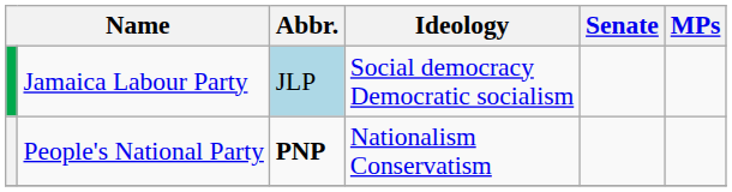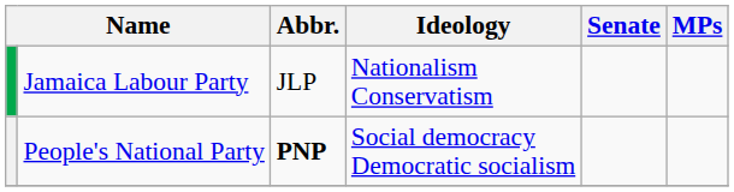 <table class="wikitable">
 <tr>
 <th colspan=2>Name</th>
 <th>Abbr.</th>
 <th>Ideology</th>
 <th><a href='#'>Senate</a></th>
 <th><a href='#'>MPs</a></th>
 </tr>
 <tr>
 <th style="background-color: #00A94C"></th>
 <td><a href='#'>Jamaica Labour Party</a></td>
-<td style="background: lightblue;">JLP</td>
-<td><a href='#'>Social democracy</a><br><a href='#'>Democratic socialism</a></td>
+<td>JLP</td>
+<td><a href='#'>Nationalism</a><br><a href='#'>Conservatism</a></td>
 <td></td>
 <td></td>
 </tr>
 <tr>
 <th ! style="background-color: "></th>
 <td><a href='#'>People's National Party</a></td>
 <td><strong>PNP</strong></td>
-<td><a href='#'>Nationalism</a><br><a href='#'>Conservatism</a></td>
+<td><a href='#'>Social democracy</a><br><a href='#'>Democratic socialism</a></td>
 <td></td>
 <td></td>
 </tr>
 <tr>
 </tr>
 </table>
